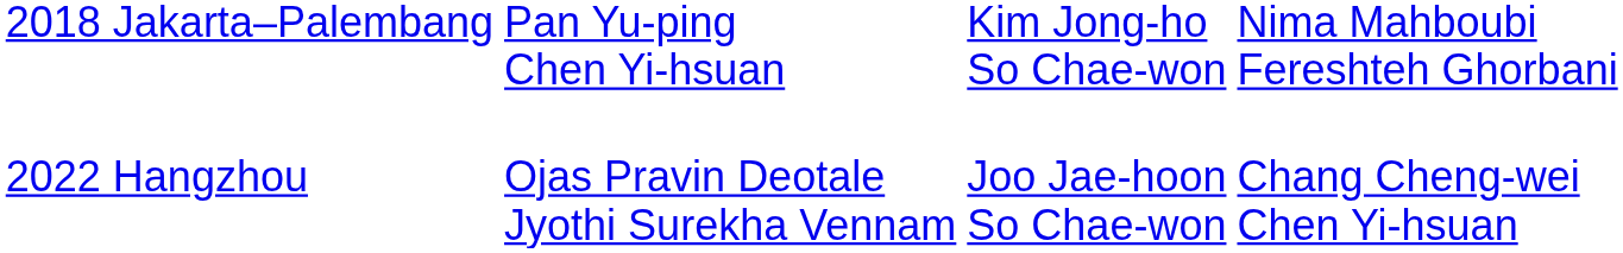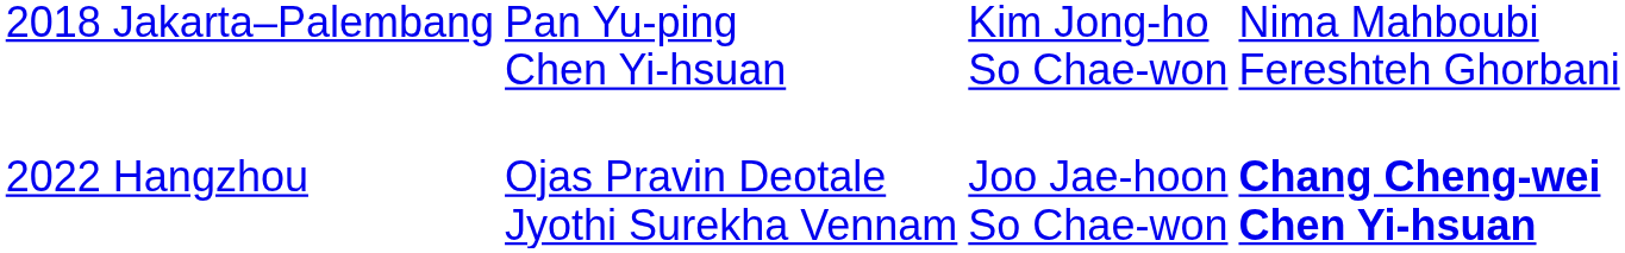 <table>
 <tr>
 <td><a href='#'>2018 Jakarta–Palembang</a></td>
 <td><br><a href='#'>Pan Yu-ping</a><br><a href='#'>Chen Yi-hsuan</a></td>
 <td><br><a href='#'>Kim Jong-ho</a><br><a href='#'>So Chae-won</a></td>
 <td><br><a href='#'>Nima Mahboubi</a><br><a href='#'>Fereshteh Ghorbani</a></td>
 </tr>
 <tr>
 <td><a href='#'>2022 Hangzhou</a></td>
 <td><br><a href='#'>Ojas Pravin Deotale</a><br><a href='#'>Jyothi Surekha Vennam</a></td>
 <td><br><a href='#'>Joo Jae-hoon</a><br><a href='#'>So Chae-won</a></td>
-<td><br><a href='#'>Chang Cheng-wei</a><br><a href='#'>Chen Yi-hsuan</a></td>
+<td><strong><br><a href='#'>Chang Cheng-wei</a><br><a href='#'>Chen Yi-hsuan</a></strong></td>
 </tr>
 </table>
